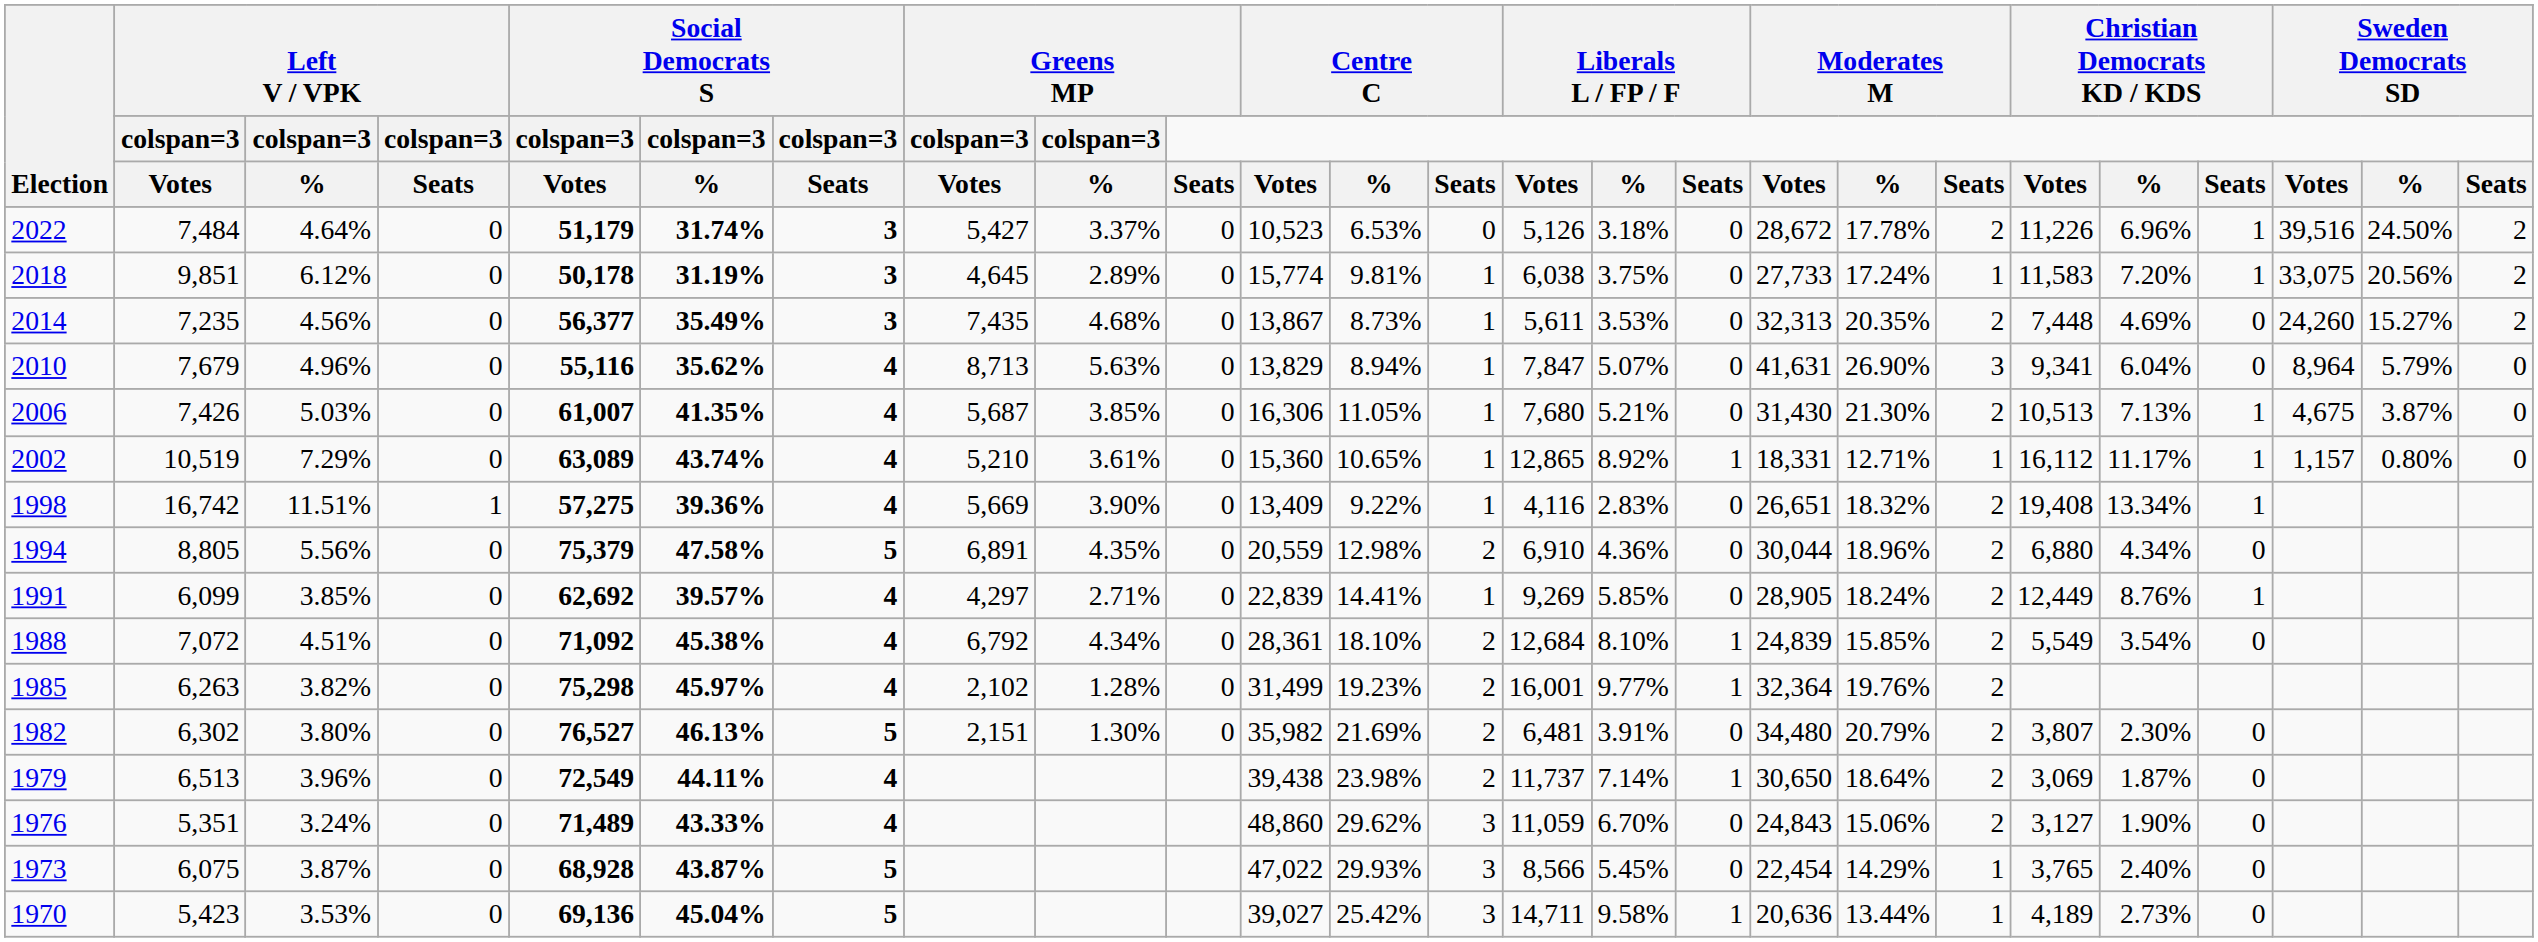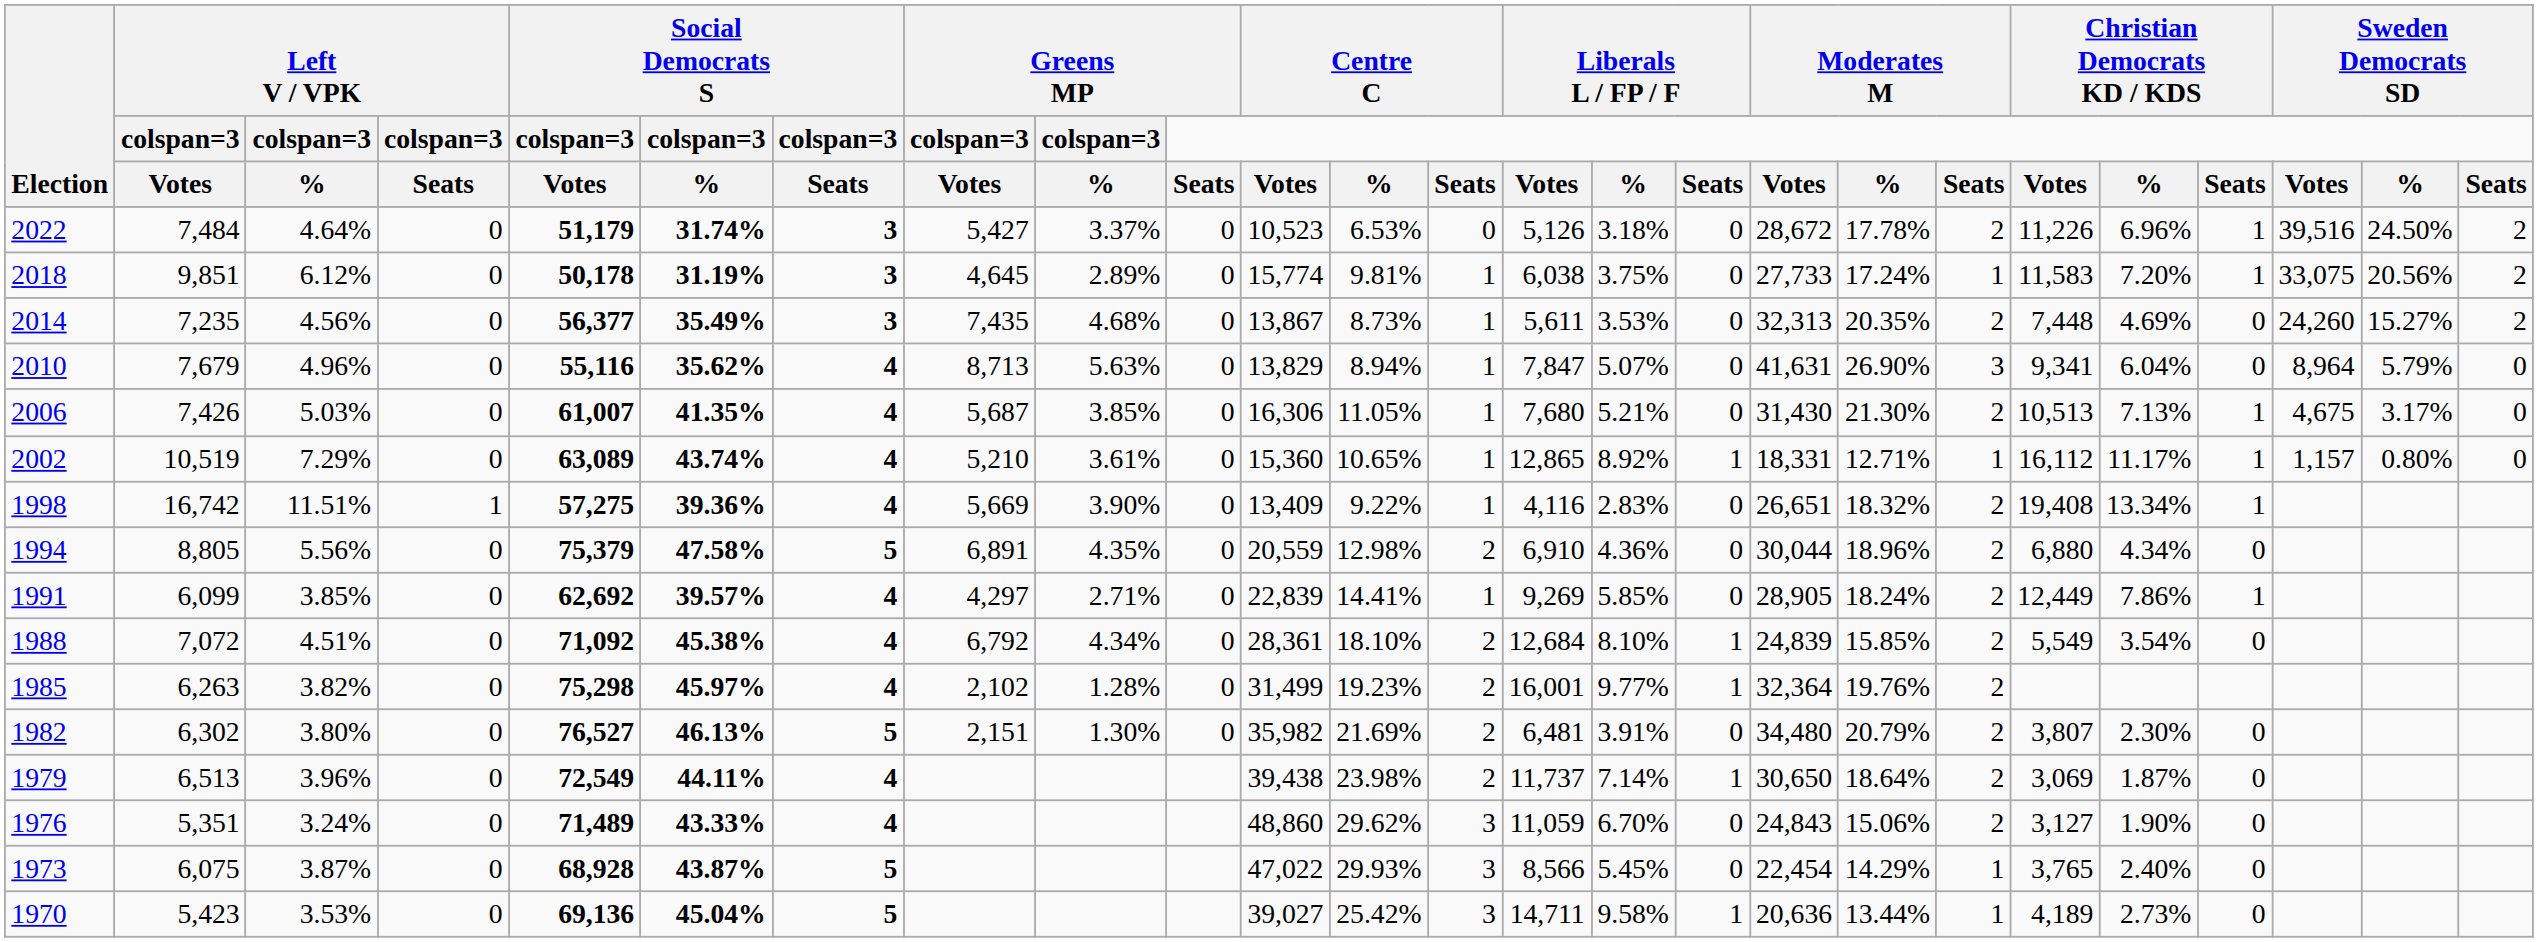 <table class="wikitable" border="1" style="font-size:95%; text-align:right;">
 <tr>
 <th style="text-align:left;" valign=bottom rowspan=3>Election</th>
 <th valign=bottom colspan=3><a href='#'>Left</a><br>V / VPK</th>
 <th valign=bottom colspan=3><a href='#'>Social<br>Democrats</a><br>S</th>
 <th valign=bottom colspan=3><a href='#'>Greens</a><br>MP</th>
 <th valign=bottom colspan=3><a href='#'>Centre</a><br>C</th>
 <th valign=bottom colspan=3><a href='#'>Liberals</a><br>L / FP / F</th>
 <th valign=bottom colspan=3><a href='#'>Moderates</a><br>M</th>
 <th valign=bottom colspan=3><a href='#'>Christian<br>Democrats</a><br>KD / KDS</th>
 <th valign=bottom colspan=3><a href='#'>Sweden<br>Democrats</a><br>SD</th>
 </tr>
 <tr>
 <th>colspan=3 </th>
 <th>colspan=3 </th>
 <th>colspan=3 </th>
 <th>colspan=3 </th>
 <th>colspan=3 </th>
 <th>colspan=3 </th>
 <th>colspan=3 </th>
 <th>colspan=3 </th>
 </tr>
 <tr>
 <th>Votes</th>
 <th>%</th>
 <th>Seats</th>
 <th>Votes</th>
 <th>%</th>
 <th>Seats</th>
 <th>Votes</th>
 <th>%</th>
 <th>Seats</th>
 <th>Votes</th>
 <th>%</th>
 <th>Seats</th>
 <th>Votes</th>
 <th>%</th>
 <th>Seats</th>
 <th>Votes</th>
 <th>%</th>
 <th>Seats</th>
 <th>Votes</th>
 <th>%</th>
 <th>Seats</th>
 <th>Votes</th>
 <th>%</th>
 <th>Seats</th>
 </tr>
 <tr>
 <td align=left><a href='#'>2022</a></td>
 <td>7,484</td>
 <td>4.64%</td>
 <td>0</td>
 <td><strong>51,179</strong></td>
 <td><strong>31.74%</strong></td>
 <td><strong>3</strong></td>
 <td>5,427</td>
 <td>3.37%</td>
 <td>0</td>
 <td>10,523</td>
 <td>6.53%</td>
 <td>0</td>
 <td>5,126</td>
 <td>3.18%</td>
 <td>0</td>
 <td>28,672</td>
 <td>17.78%</td>
 <td>2</td>
 <td>11,226</td>
 <td>6.96%</td>
 <td>1</td>
 <td>39,516</td>
 <td>24.50%</td>
 <td>2</td>
 </tr>
 <tr>
 <td align=left><a href='#'>2018</a></td>
 <td>9,851</td>
 <td>6.12%</td>
 <td>0</td>
 <td><strong>50,178</strong></td>
 <td><strong>31.19%</strong></td>
 <td><strong>3</strong></td>
 <td>4,645</td>
 <td>2.89%</td>
 <td>0</td>
 <td>15,774</td>
 <td>9.81%</td>
 <td>1</td>
 <td>6,038</td>
 <td>3.75%</td>
 <td>0</td>
 <td>27,733</td>
 <td>17.24%</td>
 <td>1</td>
 <td>11,583</td>
 <td>7.20%</td>
 <td>1</td>
 <td>33,075</td>
 <td>20.56%</td>
 <td>2</td>
 </tr>
 <tr>
 <td align=left><a href='#'>2014</a></td>
 <td>7,235</td>
 <td>4.56%</td>
 <td>0</td>
 <td><strong>56,377</strong></td>
 <td><strong>35.49%</strong></td>
 <td><strong>3</strong></td>
 <td>7,435</td>
 <td>4.68%</td>
 <td>0</td>
 <td>13,867</td>
 <td>8.73%</td>
 <td>1</td>
 <td>5,611</td>
 <td>3.53%</td>
 <td>0</td>
 <td>32,313</td>
 <td>20.35%</td>
 <td>2</td>
 <td>7,448</td>
 <td>4.69%</td>
 <td>0</td>
 <td>24,260</td>
 <td>15.27%</td>
 <td>2</td>
 </tr>
 <tr>
 <td align=left><a href='#'>2010</a></td>
 <td>7,679</td>
 <td>4.96%</td>
 <td>0</td>
 <td><strong>55,116</strong></td>
 <td><strong>35.62%</strong></td>
 <td><strong>4</strong></td>
 <td>8,713</td>
 <td>5.63%</td>
 <td>0</td>
 <td>13,829</td>
 <td>8.94%</td>
 <td>1</td>
 <td>7,847</td>
 <td>5.07%</td>
 <td>0</td>
 <td>41,631</td>
 <td>26.90%</td>
 <td>3</td>
 <td>9,341</td>
 <td>6.04%</td>
 <td>0</td>
 <td>8,964</td>
 <td>5.79%</td>
 <td>0</td>
 </tr>
 <tr>
 <td align=left><a href='#'>2006</a></td>
 <td>7,426</td>
 <td>5.03%</td>
 <td>0</td>
 <td><strong>61,007</strong></td>
 <td><strong>41.35%</strong></td>
 <td><strong>4</strong></td>
 <td>5,687</td>
 <td>3.85%</td>
 <td>0</td>
 <td>16,306</td>
 <td>11.05%</td>
 <td>1</td>
 <td>7,680</td>
 <td>5.21%</td>
 <td>0</td>
 <td>31,430</td>
 <td>21.30%</td>
 <td>2</td>
 <td>10,513</td>
 <td>7.13%</td>
 <td>1</td>
 <td>4,675</td>
-<td>3.87%</td>
+<td>3.17%</td>
 <td>0</td>
 </tr>
 <tr>
 <td align=left><a href='#'>2002</a></td>
 <td>10,519</td>
 <td>7.29%</td>
 <td>0</td>
 <td><strong>63,089</strong></td>
 <td><strong>43.74%</strong></td>
 <td><strong>4</strong></td>
 <td>5,210</td>
 <td>3.61%</td>
 <td>0</td>
 <td>15,360</td>
 <td>10.65%</td>
 <td>1</td>
 <td>12,865</td>
 <td>8.92%</td>
 <td>1</td>
 <td>18,331</td>
 <td>12.71%</td>
 <td>1</td>
 <td>16,112</td>
 <td>11.17%</td>
 <td>1</td>
 <td>1,157</td>
 <td>0.80%</td>
 <td>0</td>
 </tr>
 <tr>
 <td align=left><a href='#'>1998</a></td>
 <td>16,742</td>
 <td>11.51%</td>
 <td>1</td>
 <td><strong>57,275</strong></td>
 <td><strong>39.36%</strong></td>
 <td><strong>4</strong></td>
 <td>5,669</td>
 <td>3.90%</td>
 <td>0</td>
 <td>13,409</td>
 <td>9.22%</td>
 <td>1</td>
 <td>4,116</td>
 <td>2.83%</td>
 <td>0</td>
 <td>26,651</td>
 <td>18.32%</td>
 <td>2</td>
 <td>19,408</td>
 <td>13.34%</td>
 <td>1</td>
 <td></td>
 <td></td>
 <td></td>
 </tr>
 <tr>
 <td align=left><a href='#'>1994</a></td>
 <td>8,805</td>
 <td>5.56%</td>
 <td>0</td>
 <td><strong>75,379</strong></td>
 <td><strong>47.58%</strong></td>
 <td><strong>5</strong></td>
 <td>6,891</td>
 <td>4.35%</td>
 <td>0</td>
 <td>20,559</td>
 <td>12.98%</td>
 <td>2</td>
 <td>6,910</td>
 <td>4.36%</td>
 <td>0</td>
 <td>30,044</td>
 <td>18.96%</td>
 <td>2</td>
 <td>6,880</td>
 <td>4.34%</td>
 <td>0</td>
 <td></td>
 <td></td>
 <td></td>
 </tr>
 <tr>
 <td align=left><a href='#'>1991</a></td>
 <td>6,099</td>
 <td>3.85%</td>
 <td>0</td>
 <td><strong>62,692</strong></td>
 <td><strong>39.57%</strong></td>
 <td><strong>4</strong></td>
 <td>4,297</td>
 <td>2.71%</td>
 <td>0</td>
 <td>22,839</td>
 <td>14.41%</td>
 <td>1</td>
 <td>9,269</td>
 <td>5.85%</td>
 <td>0</td>
 <td>28,905</td>
 <td>18.24%</td>
 <td>2</td>
 <td>12,449</td>
-<td>8.76%</td>
+<td>7.86%</td>
 <td>1</td>
 <td></td>
 <td></td>
 <td></td>
 </tr>
 <tr>
 <td align=left><a href='#'>1988</a></td>
 <td>7,072</td>
 <td>4.51%</td>
 <td>0</td>
 <td><strong>71,092</strong></td>
 <td><strong>45.38%</strong></td>
 <td><strong>4</strong></td>
 <td>6,792</td>
 <td>4.34%</td>
 <td>0</td>
 <td>28,361</td>
 <td>18.10%</td>
 <td>2</td>
 <td>12,684</td>
 <td>8.10%</td>
 <td>1</td>
 <td>24,839</td>
 <td>15.85%</td>
 <td>2</td>
 <td>5,549</td>
 <td>3.54%</td>
 <td>0</td>
 <td></td>
 <td></td>
 <td></td>
 </tr>
 <tr>
 <td align=left><a href='#'>1985</a></td>
 <td>6,263</td>
 <td>3.82%</td>
 <td>0</td>
 <td><strong>75,298</strong></td>
 <td><strong>45.97%</strong></td>
 <td><strong>4</strong></td>
 <td>2,102</td>
 <td>1.28%</td>
 <td>0</td>
 <td>31,499</td>
 <td>19.23%</td>
 <td>2</td>
 <td>16,001</td>
 <td>9.77%</td>
 <td>1</td>
 <td>32,364</td>
 <td>19.76%</td>
 <td>2</td>
 <td></td>
 <td></td>
 <td></td>
 <td></td>
 <td></td>
 <td></td>
 </tr>
 <tr>
 <td align=left><a href='#'>1982</a></td>
 <td>6,302</td>
 <td>3.80%</td>
 <td>0</td>
 <td><strong>76,527</strong></td>
 <td><strong>46.13%</strong></td>
 <td><strong>5</strong></td>
 <td>2,151</td>
 <td>1.30%</td>
 <td>0</td>
 <td>35,982</td>
 <td>21.69%</td>
 <td>2</td>
 <td>6,481</td>
 <td>3.91%</td>
 <td>0</td>
 <td>34,480</td>
 <td>20.79%</td>
 <td>2</td>
 <td>3,807</td>
 <td>2.30%</td>
 <td>0</td>
 <td></td>
 <td></td>
 <td></td>
 </tr>
 <tr>
 <td align=left><a href='#'>1979</a></td>
 <td>6,513</td>
 <td>3.96%</td>
 <td>0</td>
 <td><strong>72,549</strong></td>
 <td><strong>44.11%</strong></td>
 <td><strong>4</strong></td>
 <td></td>
 <td></td>
 <td></td>
 <td>39,438</td>
 <td>23.98%</td>
 <td>2</td>
 <td>11,737</td>
 <td>7.14%</td>
 <td>1</td>
 <td>30,650</td>
 <td>18.64%</td>
 <td>2</td>
 <td>3,069</td>
 <td>1.87%</td>
 <td>0</td>
 <td></td>
 <td></td>
 <td></td>
 </tr>
 <tr>
 <td align=left><a href='#'>1976</a></td>
 <td>5,351</td>
 <td>3.24%</td>
 <td>0</td>
 <td><strong>71,489</strong></td>
 <td><strong>43.33%</strong></td>
 <td><strong>4</strong></td>
 <td></td>
 <td></td>
 <td></td>
 <td>48,860</td>
 <td>29.62%</td>
 <td>3</td>
 <td>11,059</td>
 <td>6.70%</td>
 <td>0</td>
 <td>24,843</td>
 <td>15.06%</td>
 <td>2</td>
 <td>3,127</td>
 <td>1.90%</td>
 <td>0</td>
 <td></td>
 <td></td>
 <td></td>
 </tr>
 <tr>
 <td align=left><a href='#'>1973</a></td>
 <td>6,075</td>
 <td>3.87%</td>
 <td>0</td>
 <td><strong>68,928</strong></td>
 <td><strong>43.87%</strong></td>
 <td><strong>5</strong></td>
 <td></td>
 <td></td>
 <td></td>
 <td>47,022</td>
 <td>29.93%</td>
 <td>3</td>
 <td>8,566</td>
 <td>5.45%</td>
 <td>0</td>
 <td>22,454</td>
 <td>14.29%</td>
 <td>1</td>
 <td>3,765</td>
 <td>2.40%</td>
 <td>0</td>
 <td></td>
 <td></td>
 <td></td>
 </tr>
 <tr>
 <td align=left><a href='#'>1970</a></td>
 <td>5,423</td>
 <td>3.53%</td>
 <td>0</td>
 <td><strong>69,136</strong></td>
 <td><strong>45.04%</strong></td>
 <td><strong>5</strong></td>
 <td></td>
 <td></td>
 <td></td>
 <td>39,027</td>
 <td>25.42%</td>
 <td>3</td>
 <td>14,711</td>
 <td>9.58%</td>
 <td>1</td>
 <td>20,636</td>
 <td>13.44%</td>
 <td>1</td>
 <td>4,189</td>
 <td>2.73%</td>
 <td>0</td>
 <td></td>
 <td></td>
 <td></td>
 </tr>
 </table>
